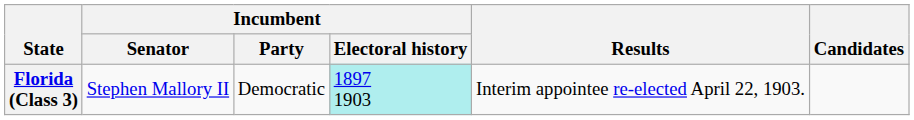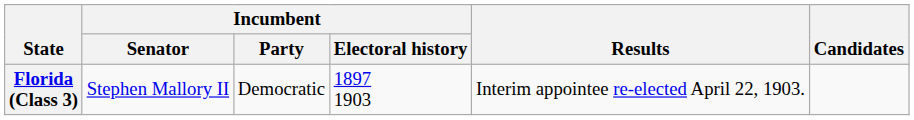 <table class=wikitable>
 <tr valign=bottom>
 <th rowspan=2>State</th>
 <th colspan=3>Incumbent</th>
 <th rowspan=2>Results</th>
 <th rowspan=2>Candidates</th>
 </tr>
 <tr valign=bottom>
 <th>Senator</th>
 <th>Party</th>
 <th>Electoral history</th>
 </tr>
 <tr>
 <th><a href='#'>Florida</a><br>(Class 3)</th>
 <td><a href='#'>Stephen Mallory II</a></td>
 <td>Democratic</td>
-<td style="background: paleturquoise;"><a href='#'>1897</a><br>1903 </td>
+<td><a href='#'>1897</a><br>1903 </td>
 <td>Interim appointee <a href='#'>re-elected</a> April 22, 1903.</td>
 <td nowrap></td>
 </tr>
 </table>
